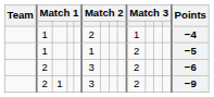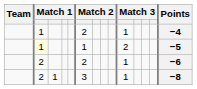 <table class="wikitable sortable" style="text-align:center;">
 <tr>
 <th rowspan=2>Team</th>
 <th colspan=4 style="border-left:3px solid gray">Match 1</th>
 <th colspan=4 style="border-left:3px solid gray">Match 2</th>
 <th colspan=4 style="border-left:3px solid gray">Match 3</th>
 <th rowspan=2 style="border-left:3px solid gray">Points</th>
 </tr>
 <tr>
 <th style="border-left:3px solid gray"></th>
 <th></th>
 <th></th>
 <th></th>
 <th style="border-left:3px solid gray"></th>
 <th></th>
 <th></th>
 <th></th>
 <th style="border-left:3px solid gray"></th>
 <th></th>
 <th></th>
 <th></th>
 </tr>
 <tr>
 <td align=left></td>
 <td style="border-left:3px solid gray">1</td>
 <td></td>
 <td></td>
 <td></td>
 <td style="border-left:3px solid gray">2</td>
 <td></td>
 <td></td>
 <td></td>
 <td style="border-left:3px solid gray">1</td>
 <td></td>
 <td></td>
 <td></td>
 <th style="border-left:3px solid gray">−4</th>
 </tr>
 <tr>
 <td align=left></td>
-<td style="border-left:3px solid gray">1</td>
+<td style="background: lightyellow; border-left:3px solid gray">1</td>
 <td></td>
 <td></td>
 <td></td>
 <td style="border-left:3px solid gray">1</td>
 <td></td>
 <td></td>
 <td></td>
 <td style="border-left:3px solid gray">2</td>
 <td></td>
 <td></td>
 <td></td>
 <th style="border-left:3px solid gray">−5</th>
 </tr>
 <tr>
 <td align=left></td>
 <td style="border-left:3px solid gray">2</td>
 <td></td>
 <td></td>
 <td></td>
-<td style="border-left:3px solid gray">3</td>
+<td style="border-left:3px solid gray">2</td>
 <td></td>
 <td></td>
 <td></td>
-<td style="border-left:3px solid gray">2</td>
+<td style="border-left:3px solid gray">1</td>
 <td></td>
 <td></td>
 <td></td>
 <th style="border-left:3px solid gray">−6</th>
 </tr>
 <tr>
 <td align=left></td>
 <td style="border-left:3px solid gray">2</td>
 <td>1</td>
 <td></td>
 <td></td>
 <td style="border-left:3px solid gray">3</td>
 <td></td>
 <td></td>
 <td></td>
-<td style="border-left:3px solid gray">2</td>
+<td style="border-left:3px solid gray">1</td>
 <td></td>
 <td></td>
 <td></td>
-<th style="border-left:3px solid gray">−9</th>
+<th style="border-left:3px solid gray">−8</th>
 </tr>
 </table>
